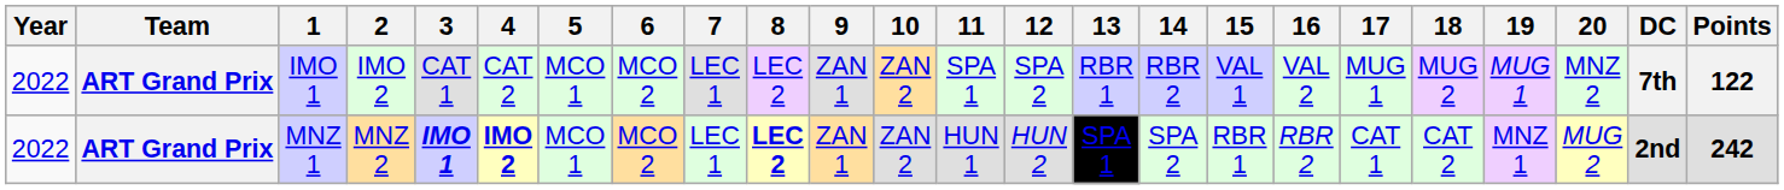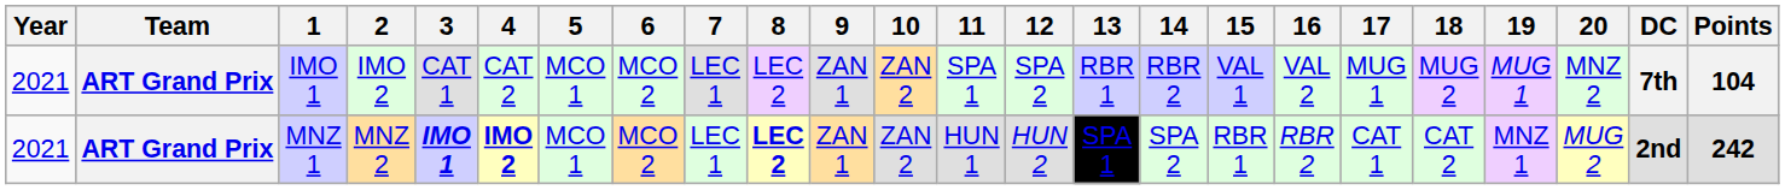 <table class="wikitable" style="text-align:center; font-size:85%">
 <tr>
 <th>Year</th>
 <th>Team</th>
 <th>1</th>
 <th>2</th>
 <th>3</th>
 <th>4</th>
 <th>5</th>
 <th>6</th>
 <th>7</th>
 <th>8</th>
 <th>9</th>
 <th>10</th>
 <th>11</th>
 <th>12</th>
 <th>13</th>
 <th>14</th>
 <th>15</th>
 <th>16</th>
 <th>17</th>
 <th>18</th>
 <th>19</th>
 <th>20</th>
 <th>DC</th>
 <th>Points</th>
 </tr>
 <tr>
-<td><a href='#'>2022</a></td>
+<td><a href='#'>2021</a></td>
 <th nowrap><a href='#'>ART Grand Prix</a></th>
 <td style="background:#CFCFFF;"><a href='#'>IMO<br>1</a><br></td>
 <td style="background:#DFFFDF;"><a href='#'>IMO<br>2</a><br></td>
 <td style="background:#DFDFDF;"><a href='#'>CAT<br>1</a><br></td>
 <td style="background:#DFFFDF;"><a href='#'>CAT<br>2</a><br></td>
 <td style="background:#DFFFDF;"><a href='#'>MCO<br>1</a><br></td>
 <td style="background:#DFFFDF;"><a href='#'>MCO<br>2</a><br></td>
 <td style="background:#DFDFDF;"><a href='#'>LEC<br>1</a><br></td>
 <td style="background:#EFCFFF;"><a href='#'>LEC<br>2</a><br></td>
 <td style="background:#DFDFDF;"><a href='#'>ZAN<br>1</a><br></td>
 <td style="background:#FFDF9F;"><a href='#'>ZAN<br>2</a><br></td>
 <td style="background:#DFFFDF;"><a href='#'>SPA<br>1</a><br></td>
 <td style="background:#DFFFDF;"><a href='#'>SPA<br>2</a><br></td>
 <td style="background:#CFCFFF;"><a href='#'>RBR<br>1</a><br></td>
 <td style="background:#CFCFFF;"><a href='#'>RBR<br>2</a><br></td>
 <td style="background:#CFCFFF;"><a href='#'>VAL<br>1</a><br></td>
 <td style="background:#DFFFDF;"><a href='#'>VAL<br>2</a><br></td>
 <td style="background:#DFFFDF;"><a href='#'>MUG<br>1</a><br></td>
 <td style="background:#EFCFFF;"><a href='#'>MUG<br>2</a><br></td>
 <td style="background:#EFCFFF;"><em><a href='#'>MUG<br>1</a></em><br></td>
 <td style="background:#DFFFDF;"><a href='#'>MNZ<br>2</a><br></td>
 <th>7th</th>
-<th>122</th>
+<th>104</th>
 </tr>
 <tr>
-<td><a href='#'>2022</a></td>
+<td><a href='#'>2021</a></td>
 <th nowrap><a href='#'>ART Grand Prix</a></th>
 <td style="background:#CFCFFF;"><a href='#'>MNZ<br>1</a><br></td>
 <td style="background:#FFDF9F;"><a href='#'>MNZ<br>2</a><br></td>
 <td style="background:#CFCFFF;"><strong><em><a href='#'>IMO<br>1</a></em></strong><br></td>
 <td style="background:#FFFFBF;"><strong><a href='#'>IMO<br>2</a></strong><br></td>
 <td style="background:#DFFFDF;"><a href='#'>MCO<br>1</a><br></td>
 <td style="background:#FFDF9F;"><a href='#'>MCO<br>2</a><br></td>
 <td style="background:#DFFFDF;"><a href='#'>LEC<br>1</a><br></td>
 <td style="background:#FFFFBF;"><strong><a href='#'>LEC<br>2</a></strong><br></td>
 <td style="background:#FFDF9F;"><a href='#'>ZAN<br>1</a><br></td>
 <td style="background:#DFDFDF;"><a href='#'>ZAN<br>2</a><br></td>
 <td style="background:#DFDFDF;"><a href='#'>HUN<br>1</a><br></td>
 <td style="background:#DFDFDF;"><em><a href='#'>HUN<br>2</a></em><br></td>
 <td style="background:#000000;color:white"><a href='#'><span>SPA<br>1</span></a><br></td>
 <td style="background:#DFFFDF;"><a href='#'>SPA<br>2</a><br></td>
 <td style="background:#DFFFDF;"><a href='#'>RBR<br>1</a><br></td>
 <td style="background:#DFFFDF;"><em><a href='#'>RBR<br>2</a></em><br></td>
 <td style="background:#DFFFDF;"><a href='#'>CAT<br>1</a><br></td>
 <td style="background:#DFFFDF;"><a href='#'>CAT<br>2</a><br></td>
 <td style="background:#EFCFFF;"><a href='#'>MNZ<br>1</a><br></td>
 <td style="background:#FFFFBF;"><em><a href='#'>MUG<br>2</a></em><br></td>
 <th style="background:#DFDFDF;">2nd</th>
 <th style="background:#DFDFDF;">242</th>
 </tr>
 </table>
